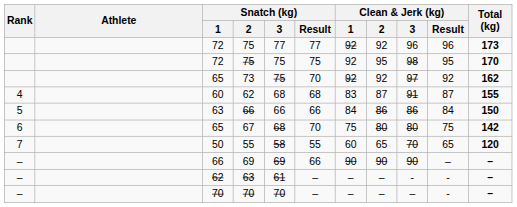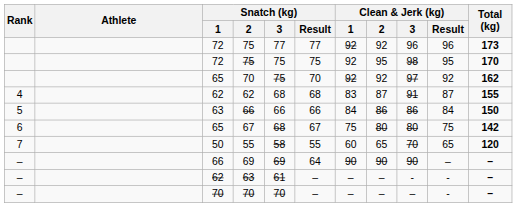 <table class = "wikitable" style="text-align:center;">
 <tr>
 <th rowspan=2 width=40>Rank</th>
 <th rowspan=2 width=250>Athlete</th>
 <th colspan=4>Snatch (kg)</th>
 <th colspan=4>Clean & Jerk (kg)</th>
 <th rowspan=2 width=60>Total (kg)</th>
 </tr>
 <tr>
 <th width=40>1</th>
 <th width=40>2</th>
 <th width=40>3</th>
 <th width=55>Result</th>
 <th width=40>1</th>
 <th width=40>2</th>
 <th width=40>3</th>
 <th width=55>Result</th>
 </tr>
 <tr>
 <td></td>
 <td align=left></td>
 <td>72</td>
 <td>75</td>
 <td>77</td>
 <td>77</td>
 <td><s>92</s></td>
 <td>92</td>
 <td>96</td>
 <td>96</td>
 <td><strong> 173 </strong></td>
 </tr>
 <tr>
 <td></td>
 <td align=left></td>
 <td>72</td>
 <td><s>75</s></td>
 <td>75</td>
 <td>75</td>
 <td>92</td>
 <td>95</td>
 <td><s>98</s></td>
 <td>95</td>
 <td><strong> 170 </strong></td>
 </tr>
 <tr>
 <td></td>
 <td align=left></td>
 <td>65</td>
-<td>73</td>
+<td>70</td>
 <td><s>75</s></td>
 <td>70</td>
 <td><s>92</s></td>
 <td>92</td>
 <td><s>97</s></td>
 <td>92</td>
 <td><strong> 162 </strong></td>
 </tr>
 <tr>
 <td>4</td>
 <td align=left></td>
-<td>60</td>
+<td>62</td>
 <td>62</td>
 <td>68</td>
 <td>68</td>
 <td>83</td>
 <td>87</td>
 <td><s>91</s></td>
 <td>87</td>
 <td><strong> 155 </strong></td>
 </tr>
 <tr>
 <td>5</td>
 <td align=left></td>
 <td>63</td>
 <td><s>66</s></td>
 <td>66</td>
 <td>66</td>
 <td>84</td>
 <td><s>86</s></td>
 <td><s>86</s></td>
 <td>84</td>
 <td><strong> 150 </strong></td>
 </tr>
 <tr>
 <td>6</td>
 <td align=left></td>
 <td>65</td>
 <td>67</td>
 <td><s>68</s></td>
-<td>70</td>
+<td>67</td>
 <td>75</td>
 <td><s>80</s></td>
 <td><s>80</s></td>
 <td>75</td>
 <td><strong> 142 </strong></td>
 </tr>
 <tr>
 <td>7</td>
 <td align=left></td>
 <td>50</td>
 <td>55</td>
 <td><s>58</s></td>
 <td>55</td>
 <td>60</td>
 <td>65</td>
 <td><s>70</s></td>
 <td>65</td>
 <td><strong> 120 </strong></td>
 </tr>
 <tr>
 <td>–</td>
 <td align=left></td>
 <td>66</td>
 <td>69</td>
 <td><s>69</s></td>
-<td>66</td>
+<td>64</td>
 <td><s>90</s></td>
 <td><s>90</s></td>
 <td><s>90</s></td>
 <td>–</td>
 <td><strong> – </strong></td>
 </tr>
 <tr>
 <td>–</td>
 <td align=left></td>
 <td><s>62</s></td>
 <td><s>63</s></td>
 <td><s>61</s></td>
 <td>–</td>
 <td>–</td>
 <td>–</td>
 <td>-</td>
 <td>-</td>
 <td><strong> – </strong></td>
 </tr>
 <tr>
 <td>–</td>
 <td align=left></td>
 <td><s>70</s></td>
 <td><s>70</s></td>
 <td><s>70</s></td>
 <td>–</td>
 <td>–</td>
 <td>–</td>
 <td>–</td>
 <td>-</td>
 <td><strong> – </strong></td>
 </tr>
 </table>
